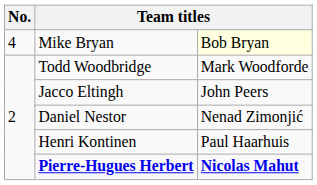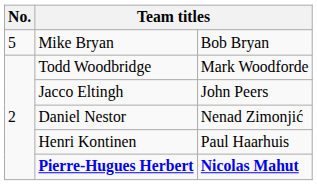 <table class="wikitable" style="display: inline-table;">
 <tr>
 <th width=20>No.</th>
 <th colspan=2>Team titles</th>
 </tr>
 <tr>
-<td>4</td>
+<td>5</td>
 <td> Mike Bryan</td>
-<td style="background: lightyellow;"> Bob Bryan</td>
+<td> Bob Bryan</td>
 </tr>
 <tr>
 <td rowspan=5>2</td>
 <td> Todd Woodbridge</td>
 <td> Mark Woodforde</td>
 </tr>
 <tr>
 <td> Jacco Eltingh</td>
 <td> John Peers</td>
 </tr>
 <tr>
 <td> Daniel Nestor</td>
 <td> Nenad Zimonjić</td>
 </tr>
 <tr>
 <td> Henri Kontinen</td>
 <td> Paul Haarhuis</td>
 </tr>
 <tr>
 <td><strong> <a href='#'>Pierre-Hugues Herbert</a></strong></td>
 <td><strong> <a href='#'>Nicolas Mahut</a></strong></td>
 </tr>
 </table>
